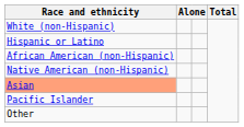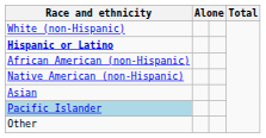 <table class="wikitable sortable collapsible"; text-align:right; font-size:80%;">
 <tr>
 <th>Race and ethnicity</th>
 <th colspan="2" data-sort-type=number>Alone</th>
 <th colspan="2" data-sort-type=number>Total</th>
 </tr>
 <tr>
 <td><a href='#'>White (non-Hispanic)</a></td>
 <td align=right></td>
 <td align=right></td>
 </tr>
 <tr>
-<td><a href='#'>Hispanic or Latino</a></td>
+<td><strong><a href='#'>Hispanic or Latino</a></strong></td>
 <td align=right></td>
 <td align=right></td>
 </tr>
 <tr>
 <td><a href='#'>African American (non-Hispanic)</a></td>
 <td align=right></td>
 <td align=right></td>
 </tr>
 <tr>
 <td><a href='#'>Native American (non-Hispanic)</a></td>
 <td align=right></td>
 <td align=right></td>
 </tr>
 <tr>
-<td style="background: lightsalmon;"><a href='#'>Asian</a></td>
+<td><a href='#'>Asian</a></td>
 <td align=right></td>
 <td align=right></td>
 </tr>
 <tr>
-<td><a href='#'>Pacific Islander</a></td>
+<td style="background: lightblue;"><a href='#'>Pacific Islander</a></td>
 <td align=right></td>
 <td align=right></td>
 </tr>
 <tr>
 <td>Other</td>
 <td align=right></td>
 <td align=right></td>
 </tr>
 </table>
